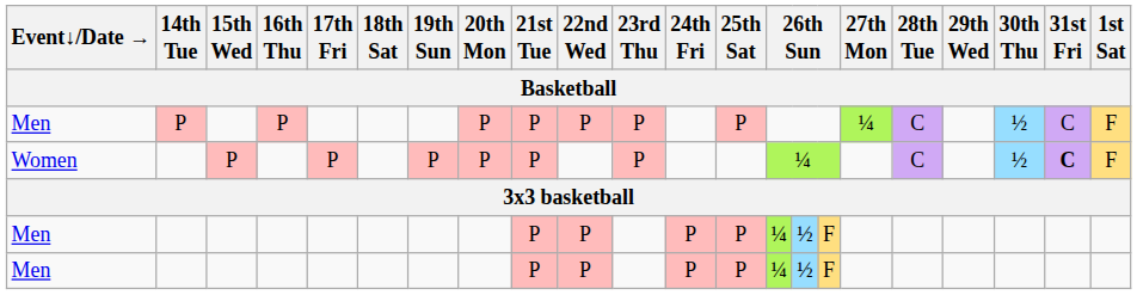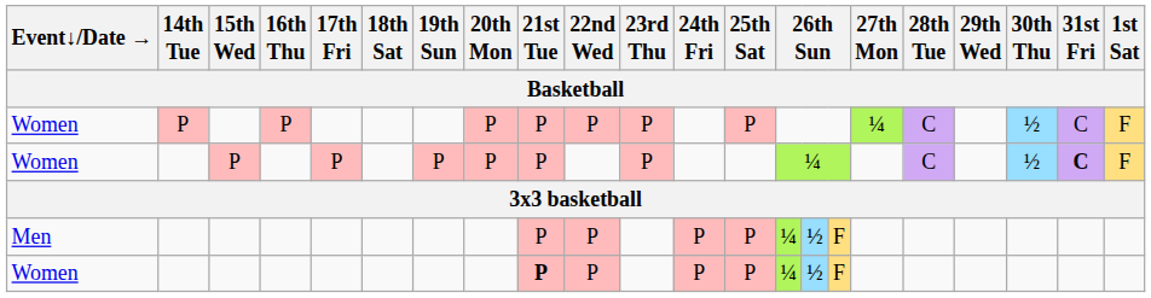 <table class="wikitable" style="margin:0.5em auto; font-size:90%; line-height:1.25em; text-align:center;">
 <tr>
 <th>Event↓/Date →</th>
 <th>14th<br>Tue</th>
 <th>15th<br>Wed</th>
 <th>16th<br>Thu</th>
 <th>17th<br>Fri</th>
 <th>18th<br>Sat</th>
 <th>19th<br>Sun</th>
 <th>20th<br>Mon</th>
 <th>21st<br>Tue</th>
 <th>22nd<br>Wed</th>
 <th>23rd<br>Thu</th>
 <th>24th<br>Fri</th>
 <th>25th<br>Sat</th>
 <th colspan=3>26th<br>Sun</th>
 <th>27th<br>Mon</th>
 <th>28th<br>Tue</th>
 <th>29th<br>Wed</th>
 <th>30th<br>Thu</th>
 <th>31st<br>Fri</th>
 <th>1st<br>Sat</th>
 </tr>
 <tr>
 <th colspan=22>Basketball</th>
 </tr>
 <tr>
-<td style="text-align:left;"><a href='#'>Men</a></td>
+<td style="text-align:left;"><a href='#'>Women</a></td>
 <td bgcolor="#FFBBBB">P</td>
 <td></td>
 <td bgcolor="#FFBBBB">P</td>
 <td></td>
 <td></td>
 <td></td>
 <td bgcolor="#FFBBBB">P</td>
 <td bgcolor="#FFBBBB">P</td>
 <td bgcolor="#FFBBBB">P</td>
 <td bgcolor="#FFBBBB">P</td>
 <td></td>
 <td bgcolor="#FFBBBB">P</td>
 <td colspan=3></td>
 <td bgcolor="#AFF55B">¼</td>
 <td bgcolor="#D0A9F5">C</td>
 <td></td>
 <td bgcolor="#97DEFF">½</td>
 <td bgcolor="#D0A9F5">C</td>
 <td bgcolor="#FFDF80">F</td>
 </tr>
 <tr>
 <td style="text-align:left;"><a href='#'>Women</a></td>
 <td></td>
 <td bgcolor="#FFBBBB">P</td>
 <td></td>
 <td bgcolor="#FFBBBB">P</td>
 <td></td>
 <td bgcolor="#FFBBBB">P</td>
 <td bgcolor="#FFBBBB">P</td>
 <td bgcolor="#FFBBBB">P</td>
 <td></td>
 <td bgcolor="#FFBBBB">P</td>
 <td></td>
 <td></td>
 <td colspan=3 bgcolor="#AFF55B">¼</td>
 <td></td>
 <td bgcolor="#D0A9F5">C</td>
 <td></td>
 <td bgcolor="#97DEFF">½</td>
 <td bgcolor="#D0A9F5"><strong>C</strong></td>
 <td bgcolor="#FFDF80">F</td>
 </tr>
 <tr>
 <th colspan=22>3x3 basketball</th>
 </tr>
 <tr>
 <td style="text-align:left;"><a href='#'>Men</a></td>
 <td></td>
 <td></td>
 <td></td>
 <td></td>
 <td></td>
 <td></td>
 <td></td>
 <td bgcolor="#FFBBBB">P</td>
 <td bgcolor="#FFBBBB">P</td>
 <td></td>
 <td bgcolor="#FFBBBB">P</td>
 <td bgcolor="#FFBBBB">P</td>
 <td bgcolor="#AFF55B">¼</td>
 <td bgcolor="#97DEFF">½</td>
 <td bgcolor="#FFDF80">F</td>
 <td></td>
 <td></td>
 <td></td>
 <td></td>
 <td></td>
 <td></td>
 </tr>
 <tr>
-<td style="text-align:left;"><a href='#'>Men</a></td>
+<td style="text-align:left;"><a href='#'>Women</a></td>
 <td></td>
 <td></td>
 <td></td>
 <td></td>
 <td></td>
 <td></td>
 <td></td>
-<td bgcolor="#FFBBBB">P</td>
+<td bgcolor="#FFBBBB"><strong>P</strong></td>
 <td bgcolor="#FFBBBB">P</td>
 <td></td>
 <td bgcolor="#FFBBBB">P</td>
 <td bgcolor="#FFBBBB">P</td>
 <td bgcolor="#AFF55B">¼</td>
 <td bgcolor="#97DEFF">½</td>
 <td bgcolor="#FFDF80">F</td>
 <td></td>
 <td></td>
 <td></td>
 <td></td>
 <td></td>
 <td></td>
 </tr>
 </table>
